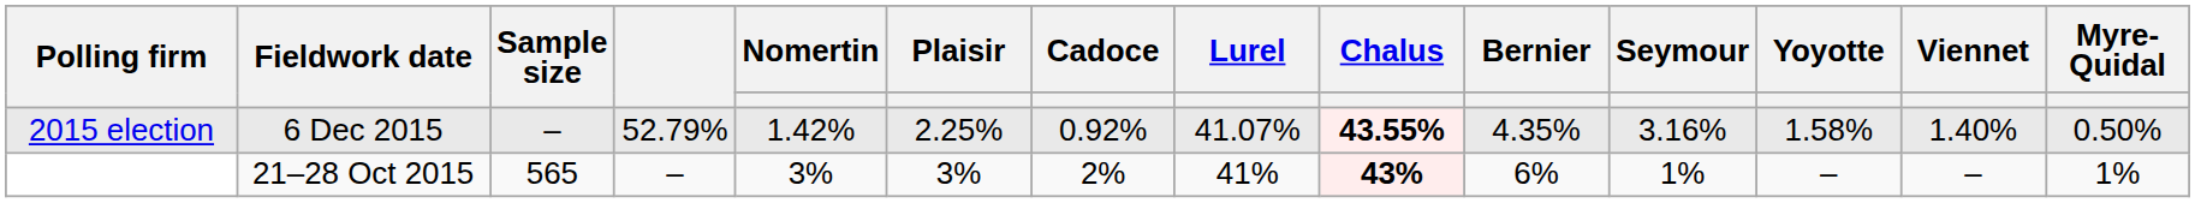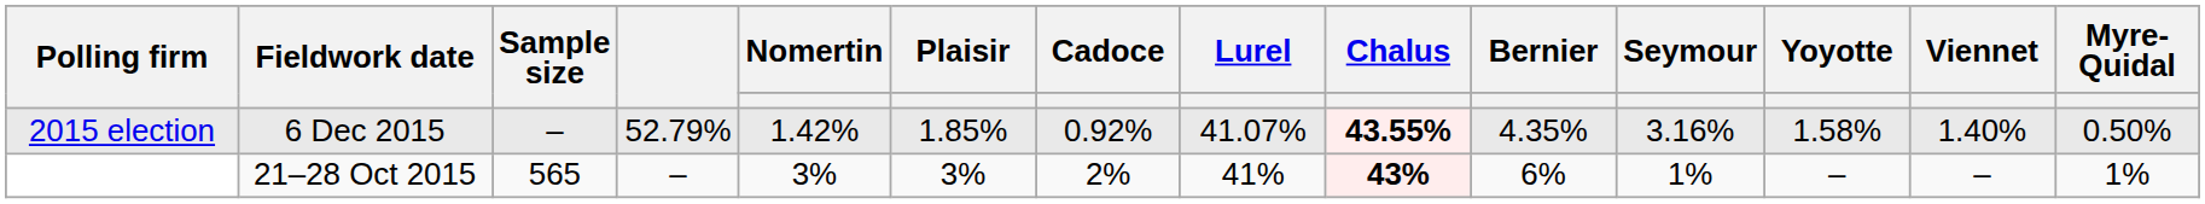 <table class="wikitable sortable" style="text-align:center;font-size:90%;line-height:14px;">
 <tr style="height:40px;">
 <th style="width:100px;" rowspan="2">Polling firm</th>
 <th style="width:110px;" rowspan="2">Fieldwork date</th>
 <th style="width:35px;" rowspan="2">Sample<br>size</th>
 <th style="width:30px;" rowspan="2"></th>
 <th class="unsortable" style="width:60px;">Nomertin<br></th>
 <th class="unsortable" style="width:60px;">Plaisir<br></th>
 <th class="unsortable" style="width:60px;">Cadoce<br></th>
 <th class="unsortable" style="width:60px;"><a href='#'>Lurel</a><br></th>
 <th class="unsortable" style="width:60px;"><a href='#'>Chalus</a><br></th>
 <th class="unsortable" style="width:60px;">Bernier<br></th>
 <th class="unsortable" style="width:60px;">Seymour<br></th>
 <th class="unsortable" style="width:60px;">Yoyotte<br></th>
 <th class="unsortable" style="width:60px;">Viennet<br></th>
 <th class="unsortable" style="width:60px;">Myre-Quidal<br></th>
 </tr>
 <tr>
 <th style="background:"></th>
 <th style="background:"></th>
 <th style="background:"></th>
 <th style="background:"></th>
 <th style="background:"></th>
 <th style="background:"></th>
 <th style="background:"></th>
 <th style="background:"></th>
 <th style="background:"></th>
 <th style="background:"></th>
 </tr>
 <tr style="background:#E9E9E9;">
 <td><a href='#'>2015 election</a></td>
 <td data-sort-value="2015-12-06">6 Dec 2015</td>
 <td>–</td>
 <td>52.79%</td>
 <td>1.42%</td>
-<td>2.25%</td>
+<td>1.85%</td>
 <td>0.92%</td>
 <td>41.07%</td>
 <td style="background:#FFEDED;"><strong>43.55%</strong></td>
 <td>4.35%</td>
 <td>3.16%</td>
 <td>1.58%</td>
 <td>1.40%</td>
 <td>0.50%</td>
 </tr>
 <tr>
 <td style="background:#FFFFFF;"></td>
 <td data-sort-value="2015-10-28">21–28 Oct 2015</td>
 <td>565</td>
 <td>–</td>
 <td>3%</td>
 <td>3%</td>
 <td>2%</td>
 <td>41%</td>
 <td style="background:#FFEDED;"><strong>43%</strong></td>
 <td>6%</td>
 <td>1%</td>
 <td>–</td>
 <td>–</td>
 <td>1%</td>
 </tr>
 </table>
